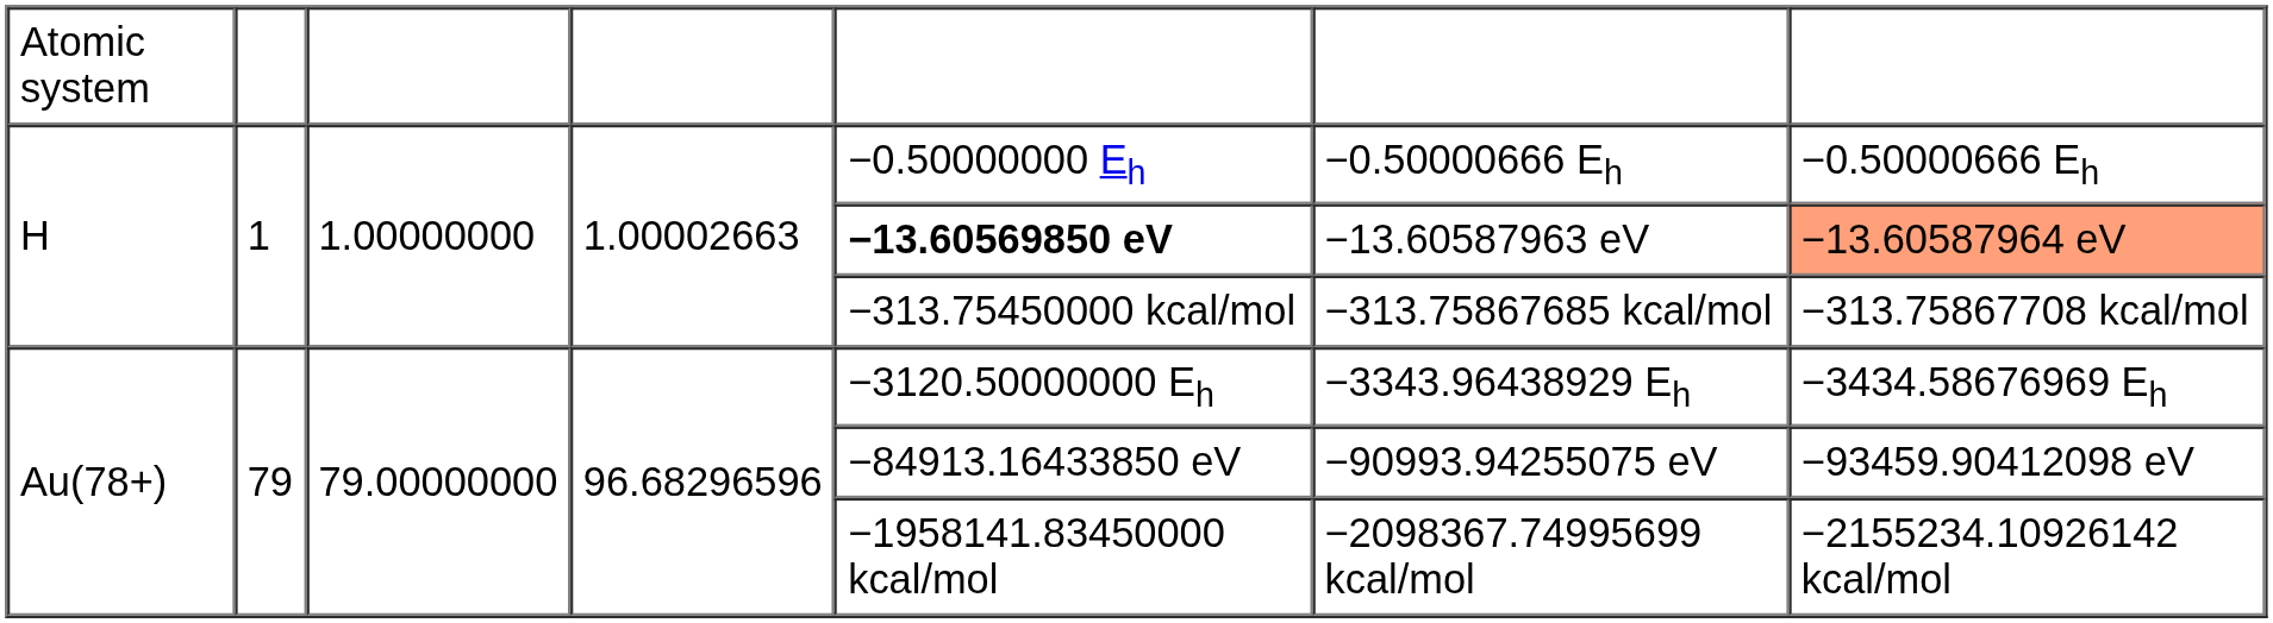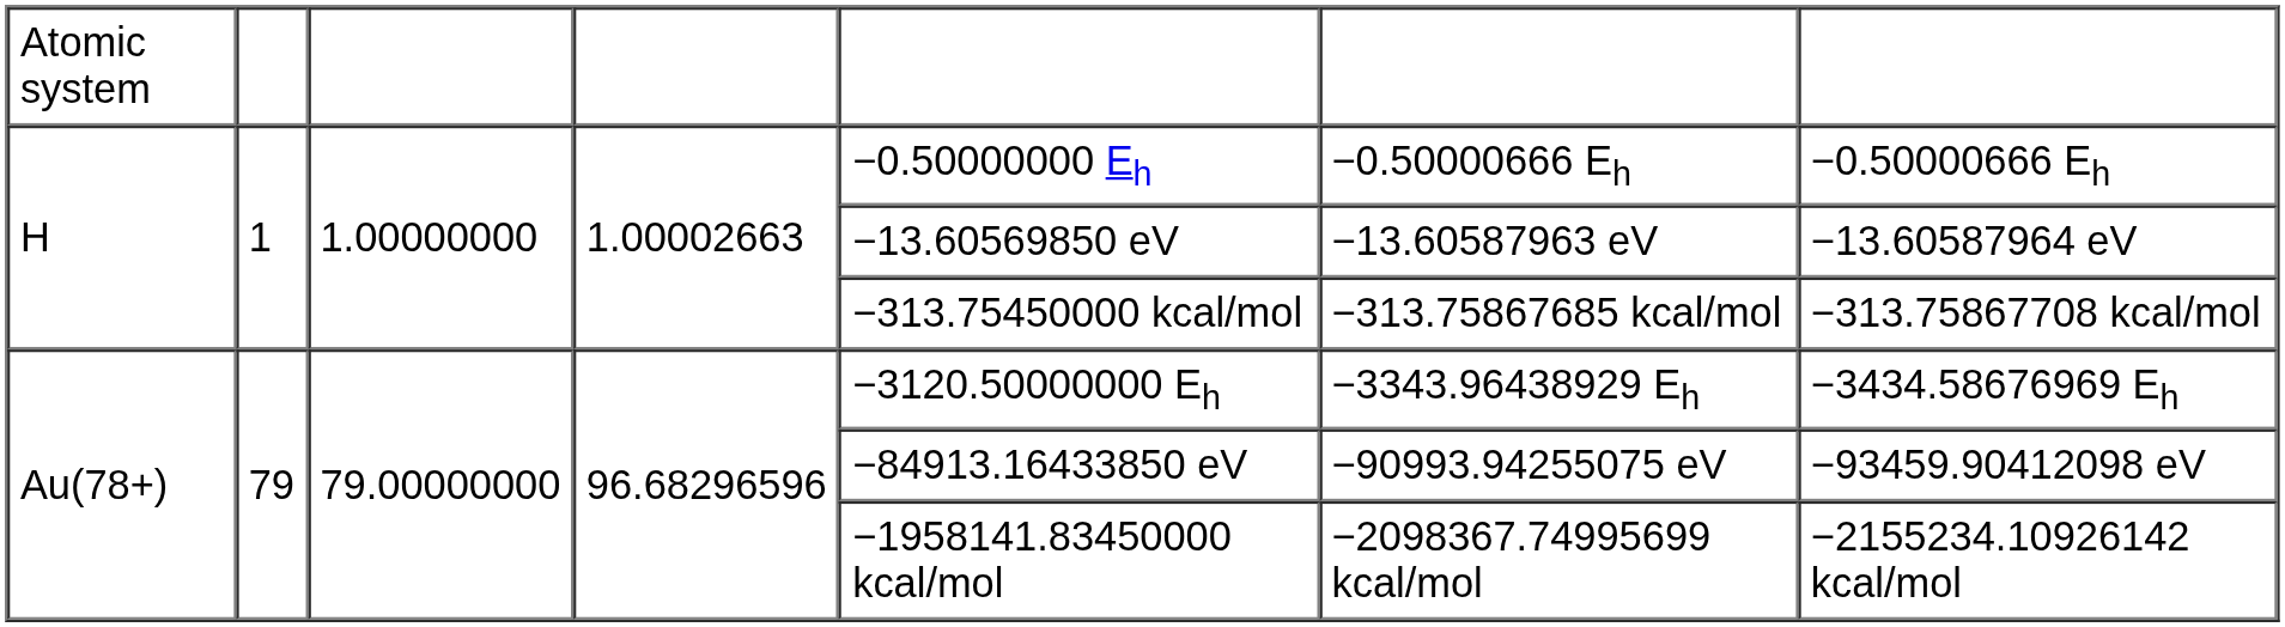 <table border="1" cellpadding="4" cellspacing="0">
 <tr>
 <td>Atomic system</td>
 <td></td>
 <td></td>
 <td></td>
 <td></td>
 <td></td>
 <td></td>
 </tr>
 <tr>
 <td rowspan="3">H</td>
 <td rowspan="3">1</td>
 <td rowspan="3">1.00000000</td>
 <td rowspan="3">1.00002663</td>
 <td>−0.50000000 <a href='#'>E<sub>h</sub></a></td>
 <td>−0.50000666 E<sub>h</sub></td>
 <td>−0.50000666 E<sub>h</sub></td>
 </tr>
 <tr>
-<td><strong>−13.60569850 eV</strong></td>
+<td>−13.60569850 eV</td>
 <td>−13.60587963 eV</td>
-<td style="background: lightsalmon;">−13.60587964 eV</td>
+<td>−13.60587964 eV</td>
 </tr>
 <tr>
 <td>−313.75450000 kcal/mol</td>
 <td>−313.75867685 kcal/mol</td>
 <td>−313.75867708 kcal/mol</td>
 </tr>
 <tr>
 <td rowspan="3">Au(78+)</td>
 <td rowspan="3">79</td>
 <td rowspan="3">79.00000000</td>
 <td rowspan="3">96.68296596</td>
 <td>−3120.50000000 E<sub>h</sub></td>
 <td>−3343.96438929 E<sub>h</sub></td>
 <td>−3434.58676969 E<sub>h</sub></td>
 </tr>
 <tr>
 <td>−84913.16433850 eV</td>
 <td>−90993.94255075 eV</td>
 <td>−93459.90412098 eV</td>
 </tr>
 <tr>
 <td>−1958141.83450000 kcal/mol</td>
 <td>−2098367.74995699 kcal/mol</td>
 <td>−2155234.10926142 kcal/mol</td>
 </tr>
 </table>
